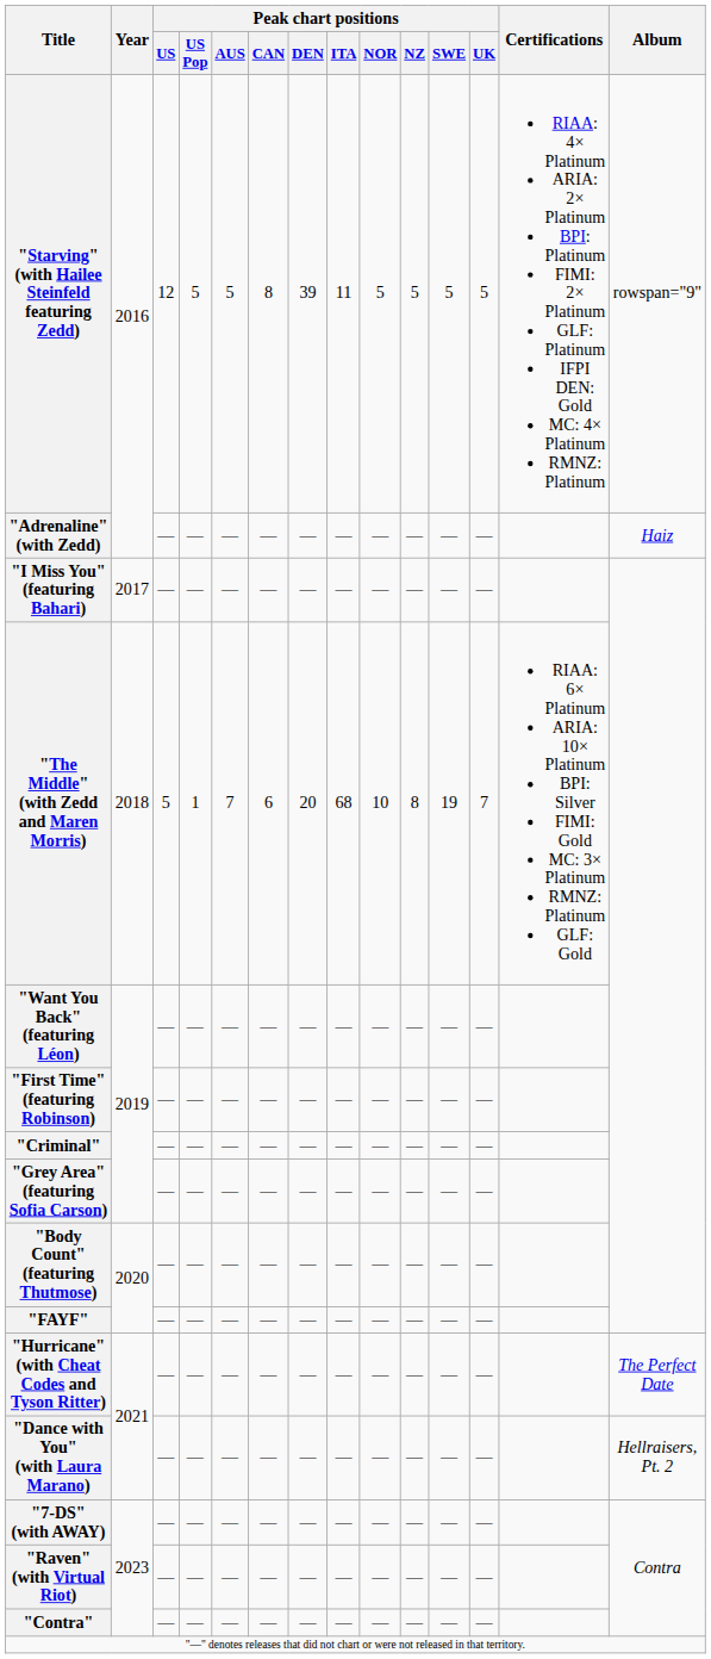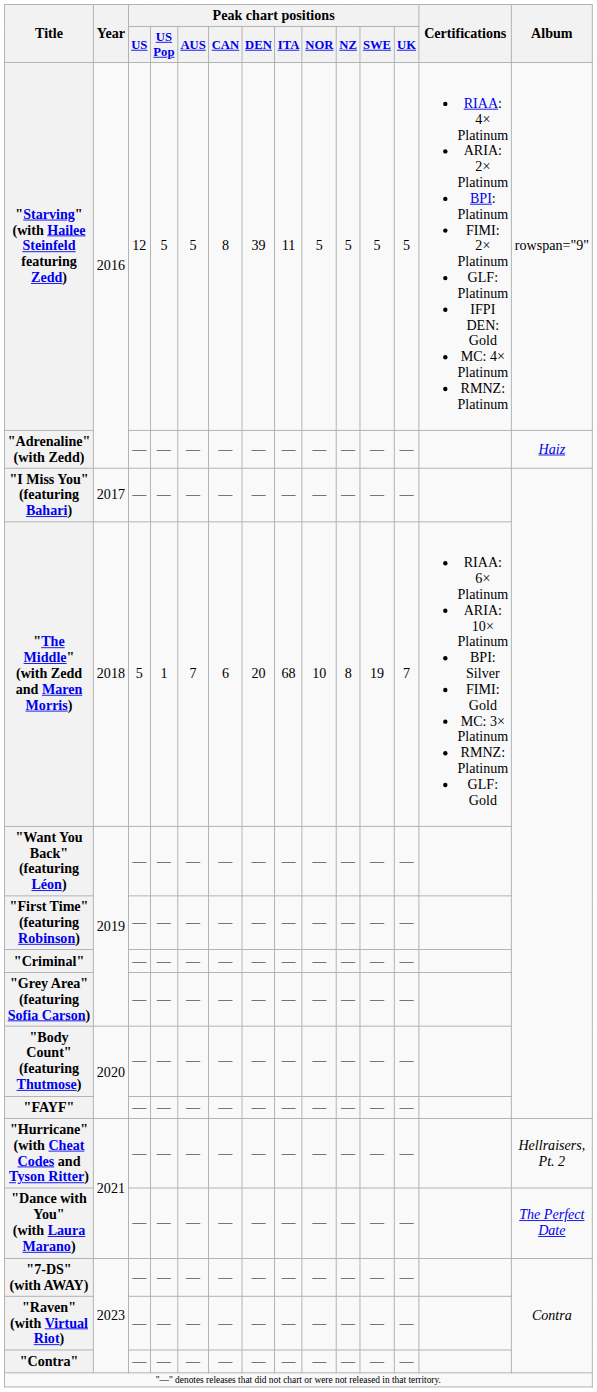 <table class="wikitable plainrowheaders" style="text-align:center;">
 <tr>
 <th scope="col" rowspan="2" style="width:18em;">Title</th>
 <th scope="col" rowspan="2">Year</th>
 <th scope="col" colspan="10">Peak chart positions</th>
 <th scope="col" rowspan="2" style="width:12em;">Certifications</th>
 <th scope="col" rowspan="2">Album</th>
 </tr>
 <tr>
 <th scope="col" style="width:2.5em;font-size:90%;"><a href='#'>US</a><br></th>
 <th scope="col" style="width:2.5em;font-size:90%;"><a href='#'>US<br>Pop</a><br></th>
 <th scope="col" style="width:2.5em;font-size:90%;"><a href='#'>AUS</a><br></th>
 <th scope="col" style="width:2.5em;font-size:90%;"><a href='#'>CAN</a><br></th>
 <th scope="col" style="width:2.5em;font-size:90%;"><a href='#'>DEN</a><br></th>
 <th scope="col" style="width:2.5em;font-size:90%;"><a href='#'>ITA</a><br></th>
 <th scope="col" style="width:2.5em;font-size:90%;"><a href='#'>NOR</a><br></th>
 <th scope="col" style="width:2.5em;font-size:90%;"><a href='#'>NZ</a><br></th>
 <th scope="col" style="width:2.5em;font-size:90%;"><a href='#'>SWE</a><br></th>
 <th scope="col" style="width:2.5em;font-size:90%;"><a href='#'>UK</a><br></th>
 </tr>
 <tr>
 <th scope="row">"<a href='#'>Starving</a>"<br><span>(with <a href='#'>Hailee Steinfeld</a> featuring <a href='#'>Zedd</a>)</span></th>
 <td rowspan="2">2016</td>
 <td>12</td>
 <td>5</td>
 <td>5</td>
 <td>8</td>
 <td>39</td>
 <td>11</td>
 <td>5</td>
 <td>5</td>
 <td>5</td>
 <td>5</td>
 <td><br><ul><li><a href='#'>RIAA</a>: 4× Platinum</li><li>ARIA: 2× Platinum</li><li><a href='#'>BPI</a>: Platinum</li><li>FIMI: 2× Platinum</li><li>GLF: Platinum</li><li>IFPI DEN: Gold</li><li>MC: 4× Platinum</li><li>RMNZ: Platinum</li></ul></td>
 <td>rowspan="9" </td>
 </tr>
 <tr>
 <th scope="row">"Adrenaline"<br><span>(with Zedd)</span></th>
 <td>—</td>
 <td>—</td>
 <td>—</td>
 <td>—</td>
 <td>—</td>
 <td>—</td>
 <td>—</td>
 <td>—</td>
 <td>—</td>
 <td>—</td>
 <td></td>
 <td><em><a href='#'>Haiz</a></em></td>
 </tr>
 <tr>
 <th scope="row">"I Miss You"<br><span>(featuring <a href='#'>Bahari</a>)</span></th>
 <td>2017</td>
 <td>—</td>
 <td>—</td>
 <td>—</td>
 <td>—</td>
 <td>—</td>
 <td>—</td>
 <td>—</td>
 <td>—</td>
 <td>—</td>
 <td>—</td>
 <td></td>
 </tr>
 <tr>
 <th scope="row">"<a href='#'>The Middle</a>"<br><span>(with Zedd and <a href='#'>Maren Morris</a>)</span></th>
 <td>2018</td>
 <td>5</td>
 <td>1</td>
 <td>7</td>
 <td>6</td>
 <td>20</td>
 <td>68</td>
 <td>10</td>
 <td>8</td>
 <td>19</td>
 <td>7</td>
 <td><br><ul><li>RIAA: 6× Platinum</li><li>ARIA: 10× Platinum</li><li>BPI: Silver</li><li>FIMI: Gold</li><li>MC: 3× Platinum</li><li>RMNZ: Platinum</li><li>GLF: Gold</li></ul></td>
 </tr>
 <tr>
 <th scope="row">"Want You Back"<br><span>(featuring <a href='#'>Léon</a>)</span></th>
 <td rowspan="4">2019</td>
 <td>—</td>
 <td>—</td>
 <td>—</td>
 <td>—</td>
 <td>—</td>
 <td>—</td>
 <td>—</td>
 <td>—</td>
 <td>—</td>
 <td>—</td>
 <td></td>
 </tr>
 <tr>
 <th scope="row">"First Time"<br><span>(featuring <a href='#'>Robinson</a>)</span></th>
 <td>—</td>
 <td>—</td>
 <td>—</td>
 <td>—</td>
 <td>—</td>
 <td>—</td>
 <td>—</td>
 <td>—</td>
 <td>—</td>
 <td>—</td>
 <td></td>
 </tr>
 <tr>
 <th scope="row">"Criminal"</th>
 <td>—</td>
 <td>—</td>
 <td>—</td>
 <td>—</td>
 <td>—</td>
 <td>—</td>
 <td>—</td>
 <td>—</td>
 <td>—</td>
 <td>—</td>
 <td></td>
 </tr>
 <tr>
 <th scope="row">"Grey Area"<br><span>(featuring <a href='#'>Sofia Carson</a>)</span></th>
 <td>—</td>
 <td>—</td>
 <td>—</td>
 <td>—</td>
 <td>—</td>
 <td>—</td>
 <td>—</td>
 <td>—</td>
 <td>—</td>
 <td>—</td>
 <td></td>
 </tr>
 <tr>
 <th scope="row">"Body Count"<br><span>(featuring <a href='#'>Thutmose</a>)</span></th>
 <td rowspan="2">2020</td>
 <td>—</td>
 <td>—</td>
 <td>—</td>
 <td>—</td>
 <td>—</td>
 <td>—</td>
 <td>—</td>
 <td>—</td>
 <td>—</td>
 <td>—</td>
 <td></td>
 </tr>
 <tr>
 <th scope="row">"FAYF"</th>
 <td>—</td>
 <td>—</td>
 <td>—</td>
 <td>—</td>
 <td>—</td>
 <td>—</td>
 <td>—</td>
 <td>—</td>
 <td>—</td>
 <td>—</td>
 <td></td>
 </tr>
 <tr>
 <th scope="row">"Hurricane"<br><span>(with <a href='#'>Cheat Codes</a> and <a href='#'>Tyson Ritter</a>)</span></th>
 <td rowspan="2">2021</td>
 <td>—</td>
 <td>—</td>
 <td>—</td>
 <td>—</td>
 <td>—</td>
 <td>—</td>
 <td>—</td>
 <td>—</td>
 <td>—</td>
 <td>—</td>
 <td></td>
-<td><em><a href='#'>The Perfect Date</a></em></td>
+<td><em>Hellraisers, Pt. 2</em></td>
 </tr>
 <tr>
 <th scope="row">"Dance with You"<br><span>(with <a href='#'>Laura Marano</a>)</span></th>
 <td>—</td>
 <td>—</td>
 <td>—</td>
 <td>—</td>
 <td>—</td>
 <td>—</td>
 <td>—</td>
 <td>—</td>
 <td>—</td>
 <td>—</td>
 <td></td>
-<td><em>Hellraisers, Pt. 2</em></td>
+<td><em><a href='#'>The Perfect Date</a></em></td>
 </tr>
 <tr>
 <th scope="row">"7-DS"<br><span>(with AWAY)</span></th>
 <td rowspan="3">2023</td>
 <td>—</td>
 <td>—</td>
 <td>—</td>
 <td>—</td>
 <td>—</td>
 <td>—</td>
 <td>—</td>
 <td>—</td>
 <td>—</td>
 <td>—</td>
 <td></td>
 <td rowspan="3"><em>Contra</em></td>
 </tr>
 <tr>
 <th scope="row">"Raven"<br><span>(with <a href='#'>Virtual Riot</a>)</span></th>
 <td>—</td>
 <td>—</td>
 <td>—</td>
 <td>—</td>
 <td>—</td>
 <td>—</td>
 <td>—</td>
 <td>—</td>
 <td>—</td>
 <td>—</td>
 <td></td>
 </tr>
 <tr>
 <th scope="row">"Contra"</th>
 <td>—</td>
 <td>—</td>
 <td>—</td>
 <td>—</td>
 <td>—</td>
 <td>—</td>
 <td>—</td>
 <td>—</td>
 <td>—</td>
 <td>—</td>
 <td></td>
 </tr>
 <tr>
 <td colspan="14" style="font-size:8pt">"—" denotes releases that did not chart or were not released in that territory.</td>
 </tr>
 </table>
